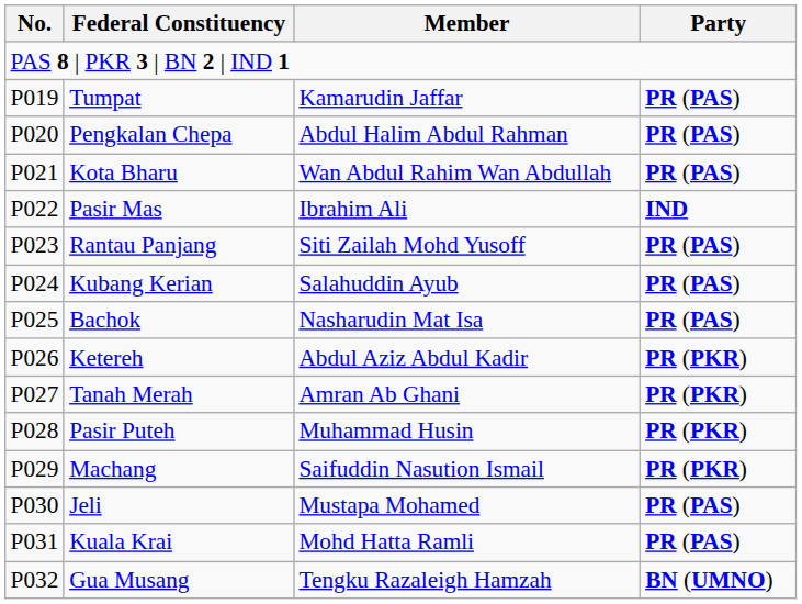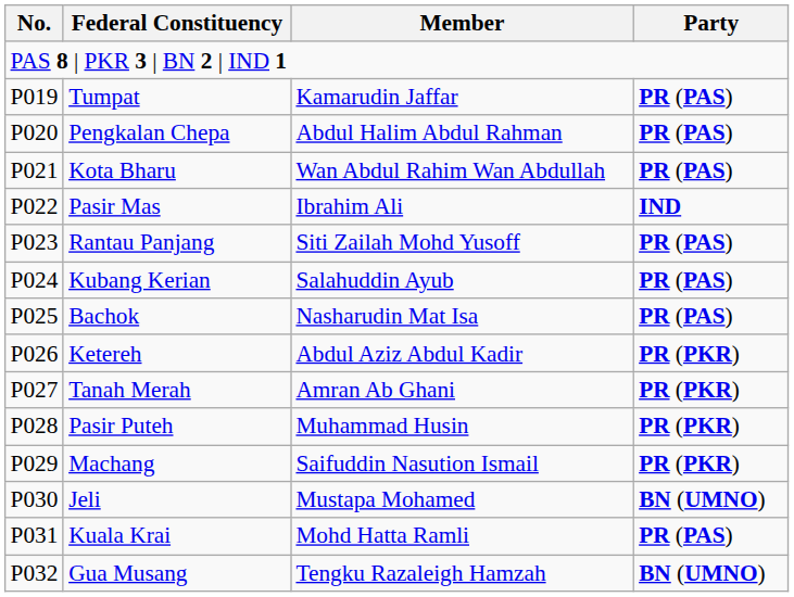 <table class ="wikitable sortable">
 <tr>
 <th style="width:30px;">No.</th>
 <th style="width:150px;">Federal Constituency</th>
 <th style="width:230px;">Member</th>
 <th style="width:100px;">Party</th>
 </tr>
 <tr>
 <td colspan="4"><a href='#'>PAS</a> <strong>8</strong> | <a href='#'>PKR</a> <strong>3</strong> | <a href='#'>BN</a> <strong>2</strong> | <a href='#'>IND</a> <strong>1</strong></td>
 </tr>
 <tr>
 <td>P019</td>
 <td><a href='#'>Tumpat</a></td>
 <td><a href='#'>Kamarudin Jaffar</a></td>
 <td><strong><a href='#'>PR</a></strong> (<strong><a href='#'>PAS</a></strong>)</td>
 </tr>
 <tr>
 <td>P020</td>
 <td><a href='#'>Pengkalan Chepa</a></td>
 <td><a href='#'>Abdul Halim Abdul Rahman</a></td>
 <td><strong><a href='#'>PR</a></strong> (<strong><a href='#'>PAS</a></strong>)</td>
 </tr>
 <tr>
 <td>P021</td>
 <td><a href='#'>Kota Bharu</a></td>
 <td><a href='#'>Wan Abdul Rahim Wan Abdullah</a></td>
 <td><strong><a href='#'>PR</a></strong> (<strong><a href='#'>PAS</a></strong>)</td>
 </tr>
 <tr>
 <td>P022</td>
 <td><a href='#'>Pasir Mas</a></td>
 <td><a href='#'>Ibrahim Ali</a></td>
 <td><strong><a href='#'>IND</a></strong></td>
 </tr>
 <tr>
 <td>P023</td>
 <td><a href='#'>Rantau Panjang</a></td>
 <td><a href='#'>Siti Zailah Mohd Yusoff</a></td>
 <td><strong><a href='#'>PR</a></strong> (<strong><a href='#'>PAS</a></strong>)</td>
 </tr>
 <tr>
 <td>P024</td>
 <td><a href='#'>Kubang Kerian</a></td>
 <td><a href='#'>Salahuddin Ayub</a></td>
 <td><strong><a href='#'>PR</a></strong> (<strong><a href='#'>PAS</a></strong>)</td>
 </tr>
 <tr>
 <td>P025</td>
 <td><a href='#'>Bachok</a></td>
 <td><a href='#'>Nasharudin Mat Isa</a></td>
 <td><strong><a href='#'>PR</a></strong> (<strong><a href='#'>PAS</a></strong>)</td>
 </tr>
 <tr>
 <td>P026</td>
 <td><a href='#'>Ketereh</a></td>
 <td><a href='#'>Abdul Aziz Abdul Kadir</a></td>
 <td><strong><a href='#'>PR</a></strong> (<strong><a href='#'>PKR</a></strong>)</td>
 </tr>
 <tr>
 <td>P027</td>
 <td><a href='#'>Tanah Merah</a></td>
 <td><a href='#'>Amran Ab Ghani</a></td>
 <td><strong><a href='#'>PR</a></strong> (<strong><a href='#'>PKR</a></strong>)</td>
 </tr>
 <tr>
 <td>P028</td>
 <td><a href='#'>Pasir Puteh</a></td>
 <td><a href='#'>Muhammad Husin</a></td>
 <td><strong><a href='#'>PR</a></strong> (<strong><a href='#'>PKR</a></strong>)</td>
 </tr>
 <tr>
 <td>P029</td>
 <td><a href='#'>Machang</a></td>
 <td><a href='#'>Saifuddin Nasution Ismail</a></td>
 <td><strong><a href='#'>PR</a></strong> (<strong><a href='#'>PKR</a></strong>)</td>
 </tr>
 <tr>
 <td>P030</td>
 <td><a href='#'>Jeli</a></td>
 <td><a href='#'>Mustapa Mohamed</a></td>
-<td><strong><a href='#'>PR</a></strong> (<strong><a href='#'>PAS</a></strong>)</td>
+<td><strong><a href='#'>BN</a></strong> (<strong><a href='#'>UMNO</a></strong>)</td>
 </tr>
 <tr>
 <td>P031</td>
 <td><a href='#'>Kuala Krai</a></td>
 <td><a href='#'>Mohd Hatta Ramli</a></td>
 <td><strong><a href='#'>PR</a></strong> (<strong><a href='#'>PAS</a></strong>)</td>
 </tr>
 <tr>
 <td>P032</td>
 <td><a href='#'>Gua Musang</a></td>
 <td><a href='#'>Tengku Razaleigh Hamzah</a></td>
 <td><strong><a href='#'>BN</a></strong> (<strong><a href='#'>UMNO</a></strong>)</td>
 </tr>
 </table>
